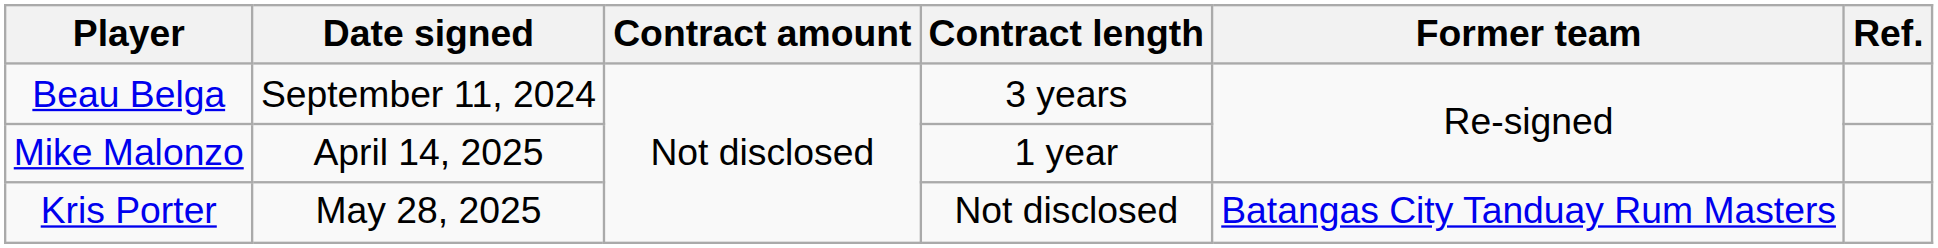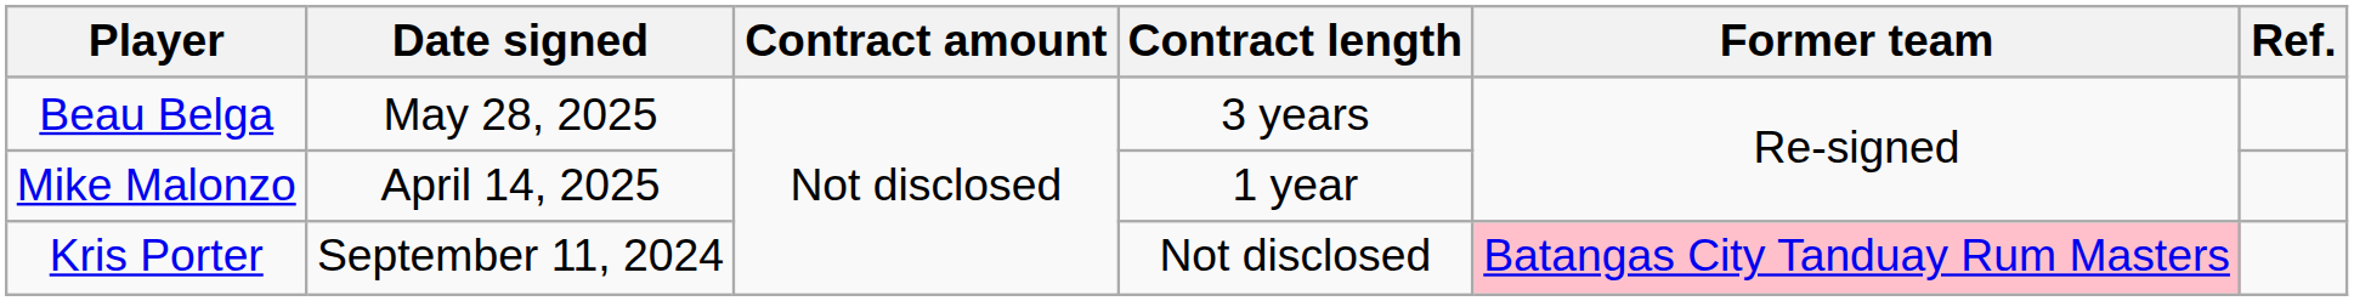 <table class="wikitable sortable sortable">
 <tr>
 <th>Player</th>
 <th>Date signed</th>
 <th>Contract amount</th>
 <th>Contract length</th>
 <th>Former team</th>
 <th>Ref.</th>
 </tr>
 <tr>
 <td align=center><a href='#'>Beau Belga</a></td>
-<td align=center>September 11, 2024</td>
+<td align=center>May 28, 2025</td>
 <td align=center rowspan=3>Not disclosed</td>
 <td align=center>3 years</td>
 <td align=center rowspan=2>Re-signed</td>
 <td align=center></td>
 </tr>
 <tr>
 <td align=center><a href='#'>Mike Malonzo</a></td>
 <td align=center>April 14, 2025</td>
 <td align=center>1 year</td>
 <td align=center></td>
 </tr>
 <tr>
 <td align=center><a href='#'>Kris Porter</a></td>
-<td align=center>May 28, 2025</td>
+<td align=center>September 11, 2024</td>
 <td align=center>Not disclosed</td>
-<td align=center><a href='#'>Batangas City Tanduay Rum Masters</a> </td>
+<td align=center style="background: pink;"><a href='#'>Batangas City Tanduay Rum Masters</a> </td>
 <td align=center></td>
 </tr>
 </table>
